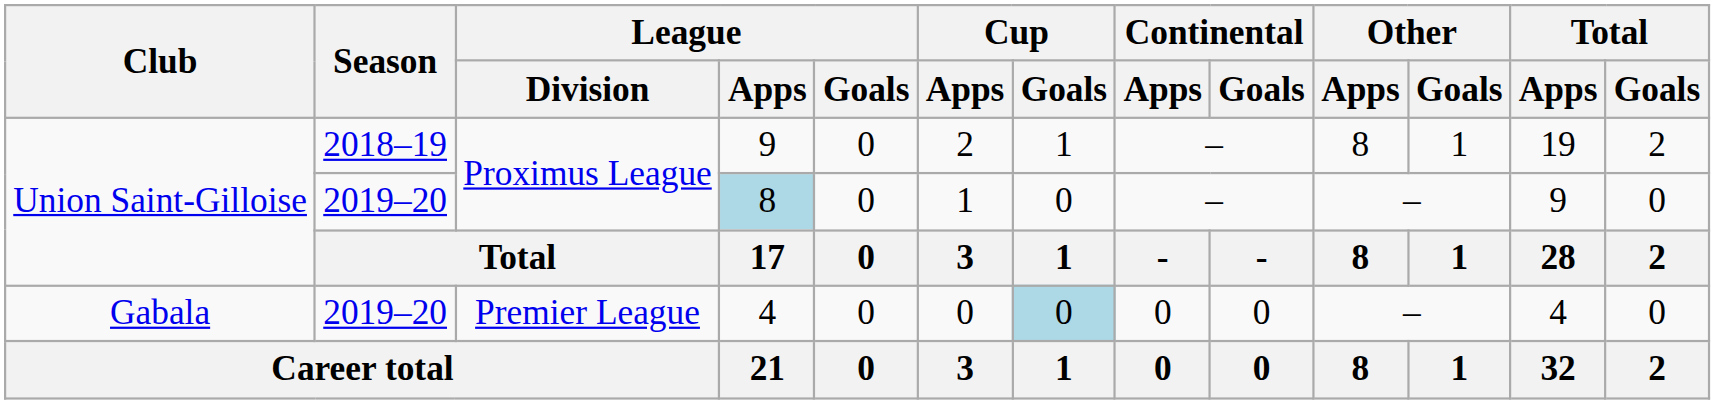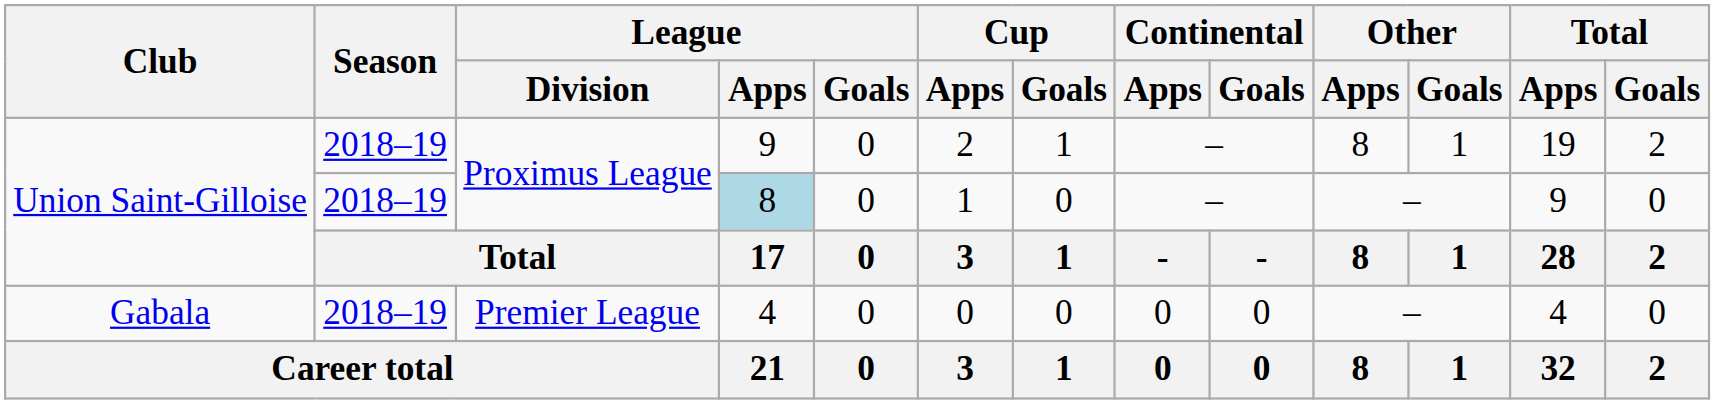 <table class="wikitable" style="text-align:center">
 <tr>
 <th rowspan="2">Club</th>
 <th rowspan="2">Season</th>
 <th colspan="3">League</th>
 <th colspan="2">Cup</th>
 <th colspan="2">Continental</th>
 <th colspan="2">Other</th>
 <th colspan="2">Total</th>
 </tr>
 <tr>
 <th>Division</th>
 <th>Apps</th>
 <th>Goals</th>
 <th>Apps</th>
 <th>Goals</th>
 <th>Apps</th>
 <th>Goals</th>
 <th>Apps</th>
 <th>Goals</th>
 <th>Apps</th>
 <th>Goals</th>
 </tr>
 <tr>
 <td rowspan="3"><a href='#'>Union Saint-Gilloise</a></td>
 <td><a href='#'>2018–19</a></td>
 <td rowspan="2"><a href='#'>Proximus League</a></td>
 <td>9</td>
 <td>0</td>
 <td>2</td>
 <td>1</td>
 <td colspan="2">–</td>
 <td>8</td>
 <td>1</td>
 <td>19</td>
 <td>2</td>
 </tr>
 <tr>
-<td><a href='#'>2019–20</a></td>
+<td><a href='#'>2018–19</a></td>
 <td style="background: lightblue;">8</td>
 <td>0</td>
 <td>1</td>
 <td>0</td>
 <td colspan="2">–</td>
 <td colspan="2">–</td>
 <td>9</td>
 <td>0</td>
 </tr>
 <tr>
 <th colspan="2">Total</th>
 <th>17</th>
 <th>0</th>
 <th>3</th>
 <th>1</th>
 <th>-</th>
 <th>-</th>
 <th>8</th>
 <th>1</th>
 <th>28</th>
 <th>2</th>
 </tr>
 <tr>
 <td valign="center"><a href='#'>Gabala</a></td>
-<td><a href='#'>2019–20</a></td>
+<td><a href='#'>2018–19</a></td>
 <td><a href='#'>Premier League</a></td>
 <td>4</td>
 <td>0</td>
 <td>0</td>
-<td style="background: lightblue;">0</td>
+<td>0</td>
 <td>0</td>
 <td>0</td>
 <td colspan="2">–</td>
 <td>4</td>
 <td>0</td>
 </tr>
 <tr>
 <th colspan="3">Career total</th>
 <th>21</th>
 <th>0</th>
 <th>3</th>
 <th>1</th>
 <th>0</th>
 <th>0</th>
 <th>8</th>
 <th>1</th>
 <th>32</th>
 <th>2</th>
 </tr>
 </table>
